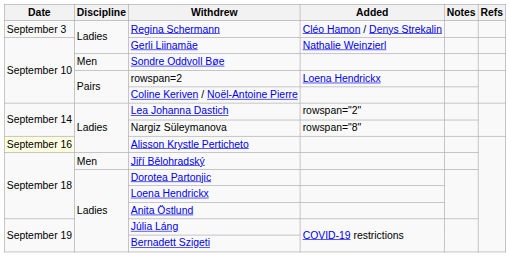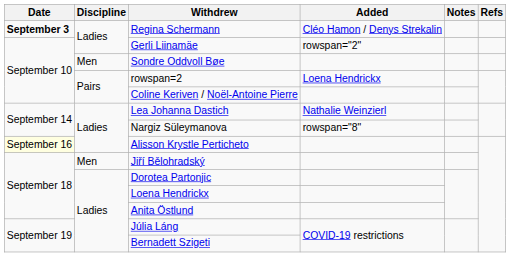 <table class="wikitable sortable">
 <tr>
 <th>Date</th>
 <th>Discipline</th>
 <th>Withdrew</th>
 <th>Added</th>
 <th>Notes</th>
 <th>Refs</th>
 </tr>
 <tr>
-<td>September 3</td>
+<td><strong>September 3</strong></td>
 <td rowspan=2>Ladies</td>
 <td> <a href='#'>Regina Schermann</a></td>
 <td> <a href='#'>Cléo Hamon</a> / <a href='#'>Denys Strekalin</a></td>
 <td></td>
 <td></td>
 </tr>
 <tr>
 <td rowspan=4>September 10</td>
 <td> <a href='#'>Gerli Liinamäe</a></td>
-<td> <a href='#'>Nathalie Weinzierl</a></td>
+<td>rowspan="2" </td>
 <td></td>
 <td></td>
 </tr>
 <tr>
 <td>Men</td>
 <td> <a href='#'>Sondre Oddvoll Bøe</a></td>
 <td></td>
 <td></td>
 </tr>
 <tr>
 <td rowspan=2>Pairs</td>
 <td>rowspan=2 </td>
 <td> <a href='#'>Loena Hendrickx</a></td>
 <td></td>
 <td rowspan=2></td>
 </tr>
 <tr>
 <td> <a href='#'>Coline Keriven</a> / <a href='#'>Noël-Antoine Pierre</a></td>
 <td></td>
 </tr>
 <tr>
 <td rowspan=2>September 14</td>
 <td rowspan=3>Ladies</td>
 <td> <a href='#'>Lea Johanna Dastich</a></td>
-<td>rowspan="2" </td>
+<td> <a href='#'>Nathalie Weinzierl</a></td>
 <td></td>
 <td rowspan=2></td>
 </tr>
 <tr>
 <td> Nargiz Süleymanova</td>
 <td>rowspan="8" </td>
 </tr>
 <tr>
 <td style="background: lightyellow;">September 16</td>
 <td> <a href='#'>Alisson Krystle Perticheto</a></td>
 <td></td>
 <td></td>
 </tr>
 <tr>
 <td rowspan=4>September 18</td>
 <td>Men</td>
 <td> <a href='#'>Jiří Bělohradský</a></td>
 <td></td>
 <td></td>
 </tr>
 <tr>
 <td rowspan=5>Ladies</td>
 <td> <a href='#'>Dorotea Partonjic</a></td>
 <td></td>
 <td rowspan=3></td>
 </tr>
 <tr>
 <td> <a href='#'>Loena Hendrickx</a></td>
 <td></td>
 </tr>
 <tr>
 <td> <a href='#'>Anita Östlund</a></td>
 <td></td>
 </tr>
 <tr>
 <td rowspan=2>September 19</td>
 <td> <a href='#'>Júlia Láng</a></td>
 <td rowspan=2><a href='#'>COVID-19</a> restrictions</td>
 <td rowspan=2></td>
 </tr>
 <tr>
 <td> <a href='#'>Bernadett Szigeti</a></td>
 </tr>
 </table>
